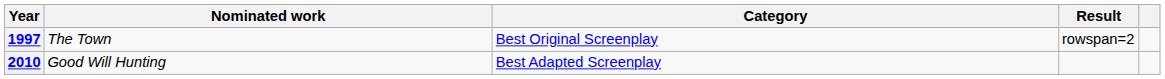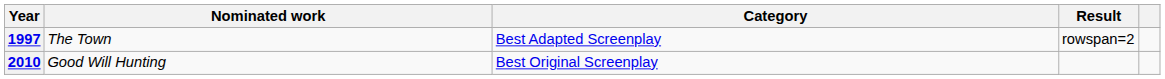 <table class=wikitable>
 <tr>
 <th scope="col" style="width:1em;">Year</th>
 <th scope="col" style="width:30em;">Nominated work</th>
 <th scope="col" style="width:38em;">Category</th>
 <th scope="col" style="width:5em;">Result</th>
 <th scope="col" style="width:1em;"></th>
 </tr>
 <tr>
 <th scope="row"><a href='#'>1997</a></th>
 <td><em>The Town</em></td>
-<td><a href='#'>Best Original Screenplay</a></td>
+<td><a href='#'>Best Adapted Screenplay</a></td>
 <td>rowspan=2 </td>
 <td style="text-align:center;"></td>
 </tr>
 <tr>
 <th scope="row"><a href='#'>2010</a></th>
 <td><em>Good Will Hunting</em></td>
-<td><a href='#'>Best Adapted Screenplay</a></td>
+<td><a href='#'>Best Original Screenplay</a></td>
 <td style="text-align:center;"></td>
 </tr>
 </table>
